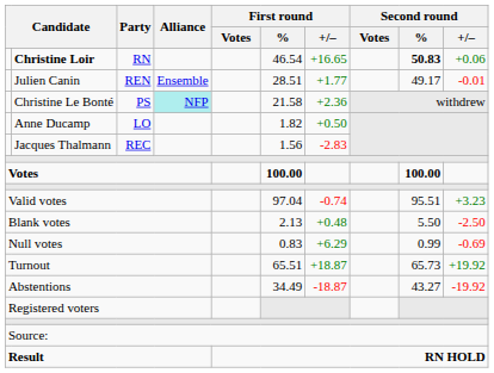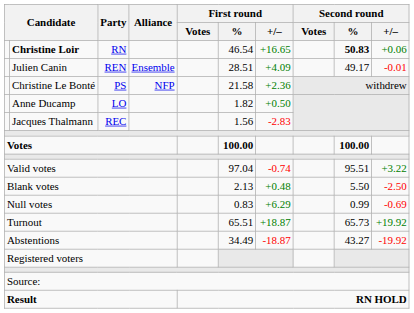 <table class="wikitable" style="text-align:right;font-size:95%;">
 <tr>
 <th rowspan="2" colspan="2">Candidate</th>
 <th colspan="1" rowspan="2">Party</th>
 <th colspan="1" rowspan="2">Alliance</th>
 <th colspan="3">First round</th>
 <th colspan="3">Second round</th>
 </tr>
 <tr>
 <th style="width:50px;">Votes</th>
 <th style="width:45px;">%</th>
 <th style="width:45px;">+/–</th>
 <th style="width:50px;">Votes</th>
 <th style="width:45px;">%</th>
 <th style="width:45px;">+/–</th>
 </tr>
 <tr>
 <td style="color:inherit;background:"></td>
 <td style="text-align:left;"><strong>Christine Loir</strong></td>
 <td><a href='#'>RN</a></td>
 <td></td>
 <td></td>
 <td>46.54</td>
 <td style="color:green;">+16.65</td>
 <td><strong></strong></td>
 <td><strong>50.83</strong></td>
 <td style="color:green;">+0.06</td>
 </tr>
 <tr>
 <td style="color:inherit;background:"></td>
 <td style="text-align:left;">Julien Canin</td>
 <td><a href='#'>REN</a></td>
 <td><a href='#'>Ensemble</a></td>
 <td></td>
 <td>28.51</td>
-<td style="color:green;">+1.77</td>
+<td style="color:green;">+4.09</td>
 <td></td>
 <td>49.17</td>
 <td style="color:red;">-0.01</td>
 </tr>
 <tr>
 <td style="color:inherit;background:"></td>
 <td style="text-align:left;">Christine Le Bonté</td>
 <td><a href='#'>PS</a></td>
-<td style="background: paleturquoise;"><a href='#'>NFP</a></td>
+<td><a href='#'>NFP</a></td>
 <td></td>
 <td>21.58</td>
 <td style="color:green;">+2.36</td>
 <td colspan="3" style="background:#E9E9E9;">withdrew</td>
 </tr>
 <tr>
 <td style="color:inherit;background:"></td>
 <td style="text-align:left;">Anne Ducamp</td>
 <td><a href='#'>LO</a></td>
 <td></td>
 <td></td>
 <td>1.82</td>
 <td style="color:green;">+0.50</td>
 <td colspan="3" rowspan="2" style="background:#E9E9E9;"></td>
 </tr>
 <tr>
 <td style="color:inherit;background:"></td>
 <td style="text-align:left;">Jacques Thalmann</td>
 <td><a href='#'>REC</a></td>
 <td></td>
 <td></td>
 <td>1.56</td>
 <td style="color:red;">-2.83</td>
 </tr>
 <tr>
 <td colspan="10" style="background:#E9E9E9;"></td>
 </tr>
 <tr style="font-weight:bold;">
 <td colspan="4" style="text-align:left;">Votes</td>
 <td></td>
 <td>100.00</td>
 <td></td>
 <td></td>
 <td>100.00</td>
 <td></td>
 </tr>
 <tr>
 <td colspan="10" style="background:#E9E9E9;"></td>
 </tr>
 <tr>
 <td colspan="4" style="text-align:left;">Valid votes</td>
 <td></td>
 <td>97.04</td>
 <td style="color:red;">-0.74</td>
 <td></td>
 <td>95.51</td>
-<td style="color:green;">+3.23</td>
+<td style="color:green;">+3.22</td>
 </tr>
 <tr>
 <td colspan="4" style="text-align:left;">Blank votes</td>
 <td></td>
 <td>2.13</td>
 <td style="color:green;">+0.48</td>
 <td></td>
 <td>5.50</td>
 <td style="color:red;">-2.50</td>
 </tr>
 <tr>
 <td colspan="4" style="text-align:left;">Null votes</td>
 <td></td>
 <td>0.83</td>
 <td style="color:green;">+6.29</td>
 <td></td>
 <td>0.99</td>
 <td style="color:red;">-0.69</td>
 </tr>
 <tr>
 <td colspan="4" style="text-align:left;">Turnout</td>
 <td></td>
 <td>65.51</td>
 <td style="color:green;">+18.87</td>
 <td></td>
 <td>65.73</td>
 <td style="color:green;">+19.92</td>
 </tr>
 <tr>
 <td colspan="4" style="text-align:left;">Abstentions</td>
 <td></td>
 <td>34.49</td>
 <td style="color:red;">-18.87</td>
 <td></td>
 <td>43.27</td>
 <td style="color:red;">-19.92</td>
 </tr>
 <tr>
 <td colspan="4" style="text-align:left;">Registered voters</td>
 <td></td>
 <td colspan="2" style="background:#E9E9E9;"></td>
 <td></td>
 <td colspan="2" style="background:#E9E9E9;"></td>
 </tr>
 <tr>
 <td colspan="10" style="background:#E9E9E9;"></td>
 </tr>
 <tr>
 <td colspan="10" style="text-align:left;">Source: </td>
 </tr>
 <tr style="font-weight:bold">
 <td colspan="4" style="text-align:left;">Result</td>
 <td colspan="6" style="background-color:">RN HOLD</td>
 </tr>
 </table>
